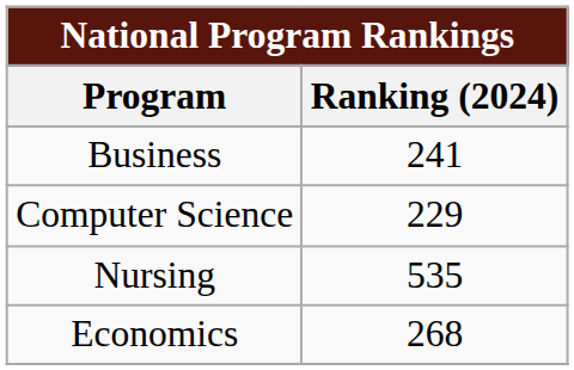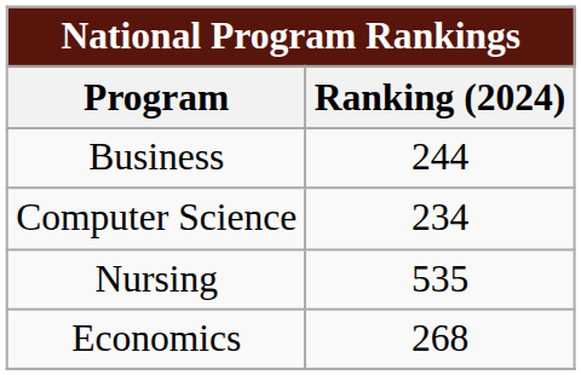 <table class="wikitable sortable collapsible collapsed" style="float:right; clear:right; text-align:center">
 <tr>
 <th colspan=4 style="background:#57150B; color:#ffffff; ">National Program Rankings</th>
 </tr>
 <tr>
 <th>Program</th>
 <th>Ranking (2024)</th>
 </tr>
 <tr>
 <td>Business</td>
-<td>241</td>
+<td>244</td>
 </tr>
 <tr>
 <td>Computer Science</td>
-<td>229</td>
+<td>234</td>
 </tr>
 <tr>
 <td>Nursing</td>
 <td>535</td>
 </tr>
 <tr>
 <td>Economics</td>
 <td>268</td>
 </tr>
 <tr>
 </tr>
 </table>
